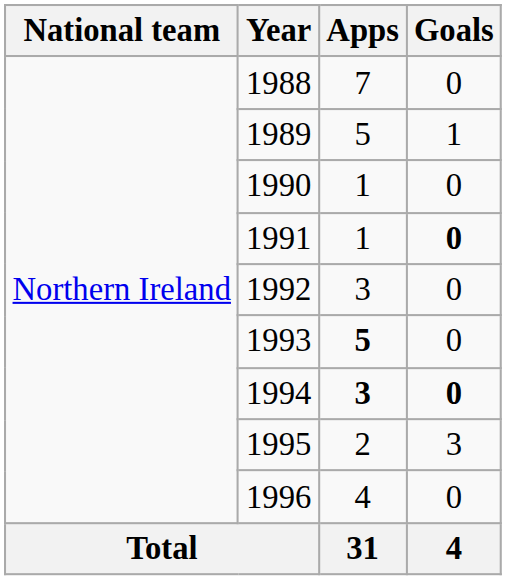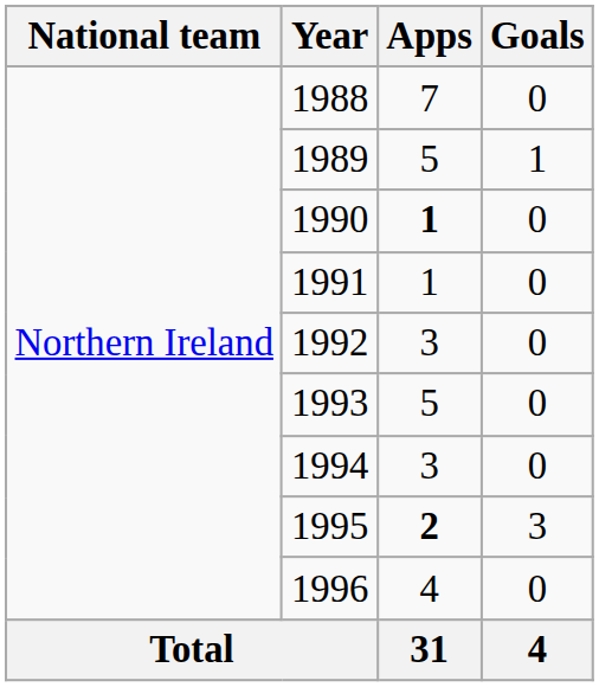 <table class=wikitable style=text-align:center>
 <tr>
 <th>National team</th>
 <th>Year</th>
 <th>Apps</th>
 <th>Goals</th>
 </tr>
 <tr>
 <td rowspan=9><a href='#'>Northern Ireland</a></td>
 <td>1988</td>
 <td>7</td>
 <td>0</td>
 </tr>
 <tr>
 <td>1989</td>
 <td>5</td>
 <td>1</td>
 </tr>
 <tr>
 <td>1990</td>
-<td>1</td>
+<td><strong>1</strong></td>
 <td>0</td>
 </tr>
 <tr>
 <td>1991</td>
 <td>1</td>
-<td><strong>0</strong></td>
+<td>0</td>
 </tr>
 <tr>
 <td>1992</td>
 <td>3</td>
 <td>0</td>
 </tr>
 <tr>
 <td>1993</td>
-<td><strong>5</strong></td>
+<td>5</td>
 <td>0</td>
 </tr>
 <tr>
 <td>1994</td>
-<td><strong>3</strong></td>
-<td><strong>0</strong></td>
+<td>3</td>
+<td>0</td>
 </tr>
 <tr>
 <td>1995</td>
-<td>2</td>
+<td><strong>2</strong></td>
 <td>3</td>
 </tr>
 <tr>
 <td>1996</td>
 <td>4</td>
 <td>0</td>
 </tr>
 <tr>
 <th colspan=2>Total</th>
 <th>31</th>
 <th>4</th>
 </tr>
 </table>
